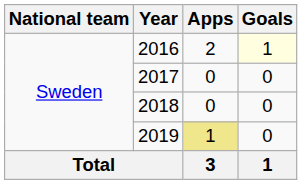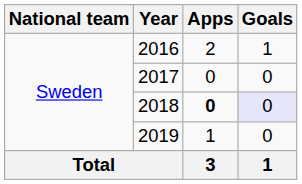 <table class="wikitable" style="text-align:center">
 <tr>
 <th>National team</th>
 <th>Year</th>
 <th>Apps</th>
 <th>Goals</th>
 </tr>
 <tr>
 <td rowspan="4"><a href='#'>Sweden</a></td>
 <td>2016</td>
 <td>2</td>
-<td style="background: lightyellow;">1</td>
+<td>1</td>
 </tr>
 <tr>
 <td>2017</td>
 <td>0</td>
 <td>0</td>
 </tr>
 <tr>
 <td>2018</td>
-<td>0</td>
-<td>0</td>
+<td><strong>0</strong></td>
+<td style="background: lavender;">0</td>
 </tr>
 <tr>
 <td>2019</td>
-<td style="background: khaki;">1</td>
+<td>1</td>
 <td>0</td>
 </tr>
 <tr>
 <th colspan="2">Total</th>
 <th>3</th>
 <th>1</th>
 </tr>
 </table>
